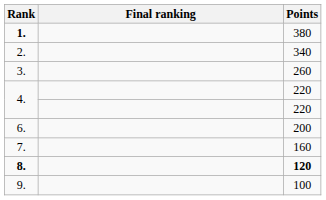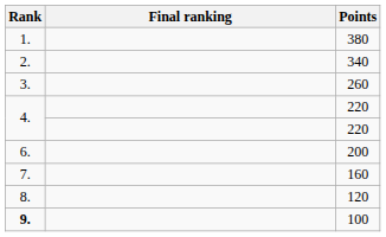 <table class="wikitable">
 <tr>
 <th>Rank</th>
 <th style="width: 20em">Final ranking</th>
 <th>Points</th>
 </tr>
 <tr>
-<td align="center"><strong>1.</strong></td>
+<td align="center">1.</td>
 <td></td>
 <td align="center">380</td>
 </tr>
 <tr>
 <td align="center">2.</td>
 <td></td>
 <td align="center">340</td>
 </tr>
 <tr>
 <td align="center">3.</td>
 <td></td>
 <td align="center">260</td>
 </tr>
 <tr>
 <td rowspan=2 align="center">4.</td>
 <td></td>
 <td align="center">220</td>
 </tr>
 <tr>
 <td></td>
 <td align="center">220</td>
 </tr>
 <tr>
 <td align="center">6.</td>
 <td></td>
 <td align="center">200</td>
 </tr>
 <tr>
 <td align="center">7.</td>
 <td></td>
 <td align="center">160</td>
 </tr>
 <tr>
-<td align="center"><strong>8.</strong></td>
+<td align="center">8.</td>
 <td></td>
-<td align="center"><strong>120</strong></td>
+<td align="center">120</td>
 </tr>
 <tr>
-<td align="center">9.</td>
+<td align="center"><strong>9.</strong></td>
 <td></td>
 <td align="center">100</td>
 </tr>
 </table>
